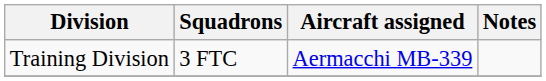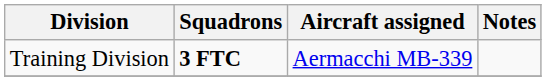 <table class="wikitable">
 <tr>
 <th>Division</th>
 <th>Squadrons</th>
 <th>Aircraft assigned</th>
 <th>Notes</th>
 </tr>
 <tr>
 <td>Training Division</td>
-<td>3 FTC</td>
+<td><strong>3 FTC</strong></td>
 <td><a href='#'>Aermacchi MB-339</a></td>
 <td></td>
 </tr>
 <tr>
 </tr>
 </table>
